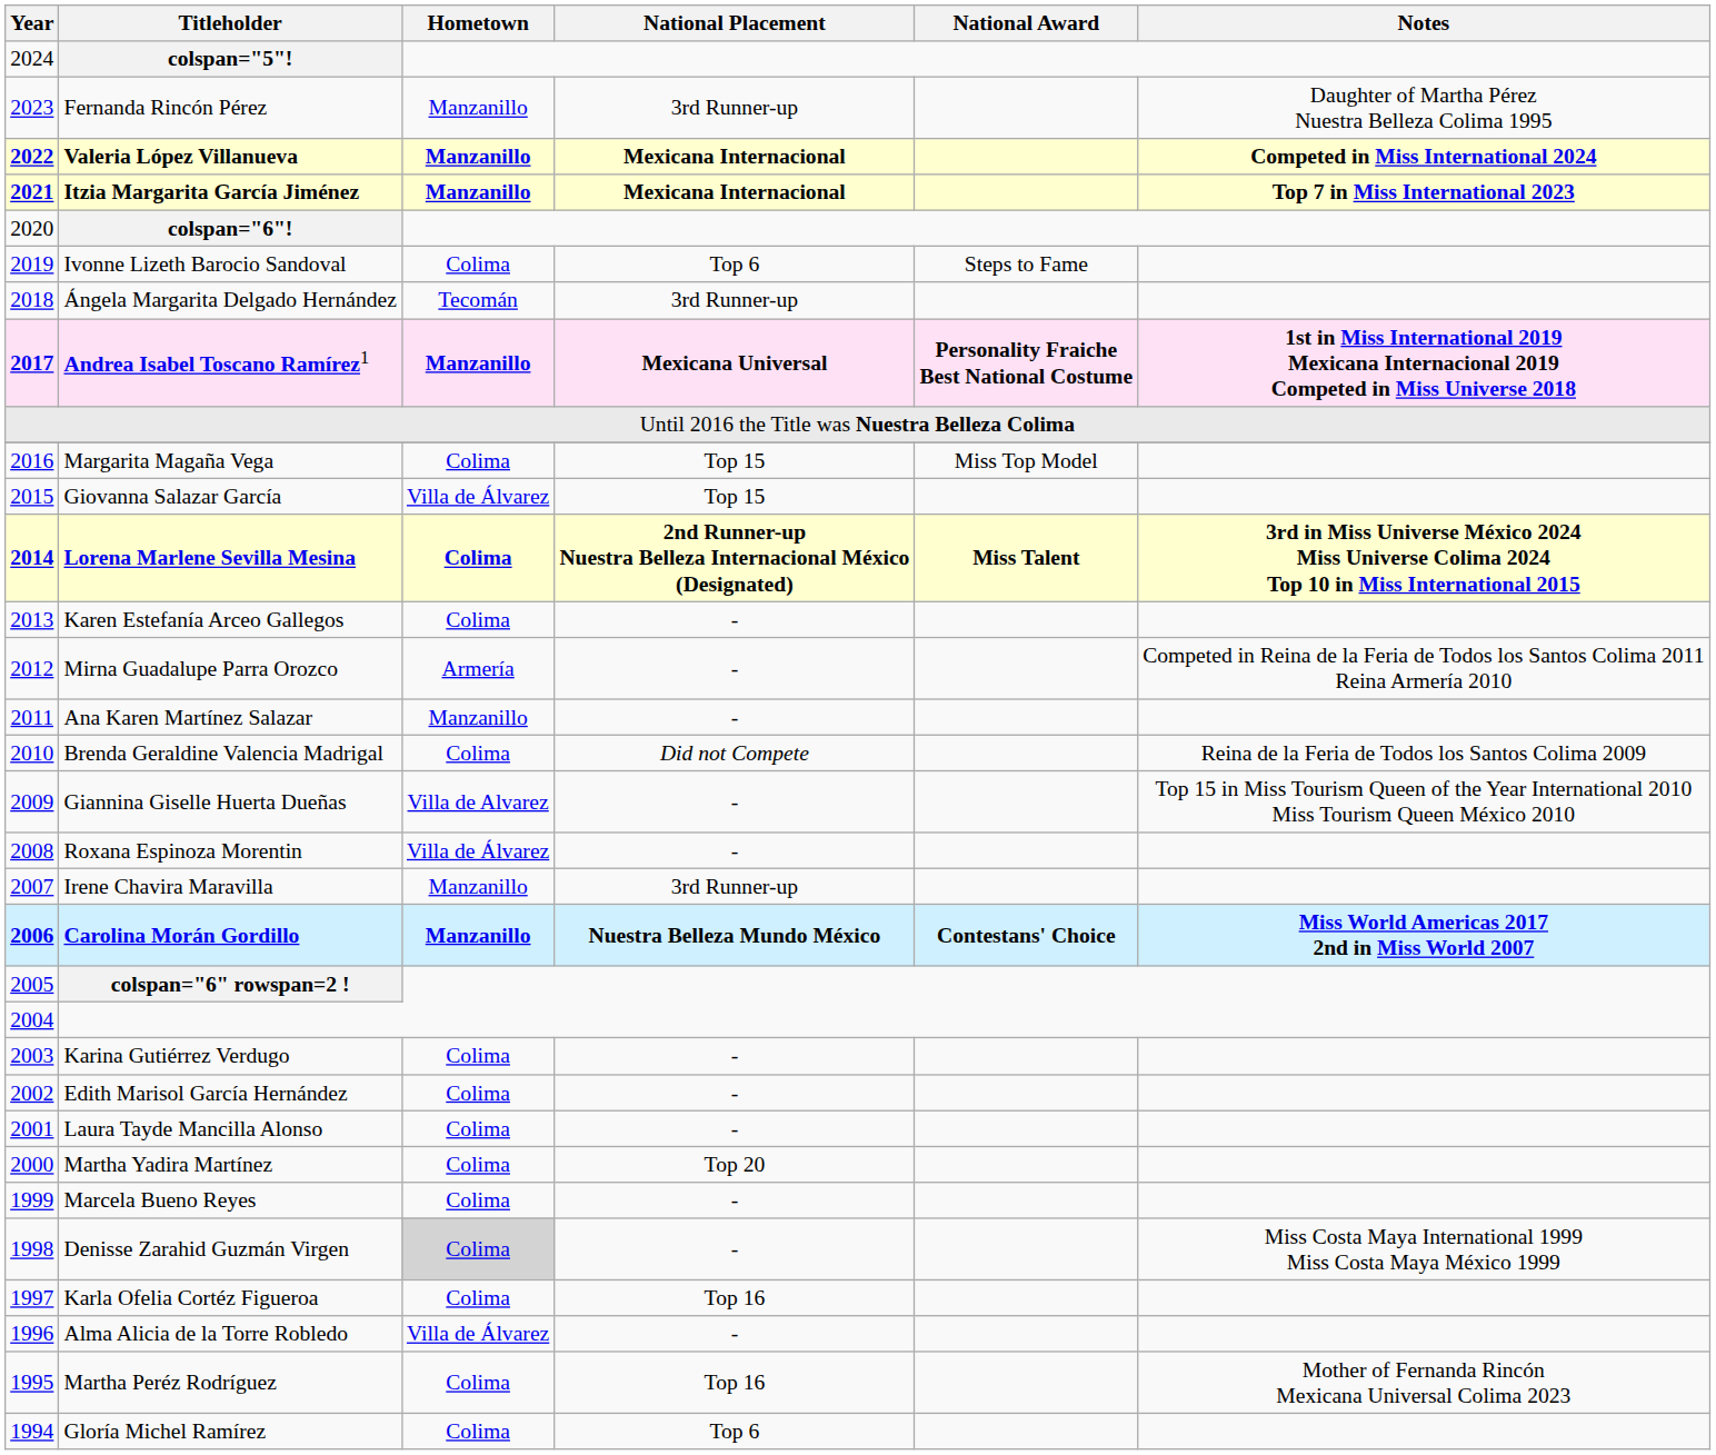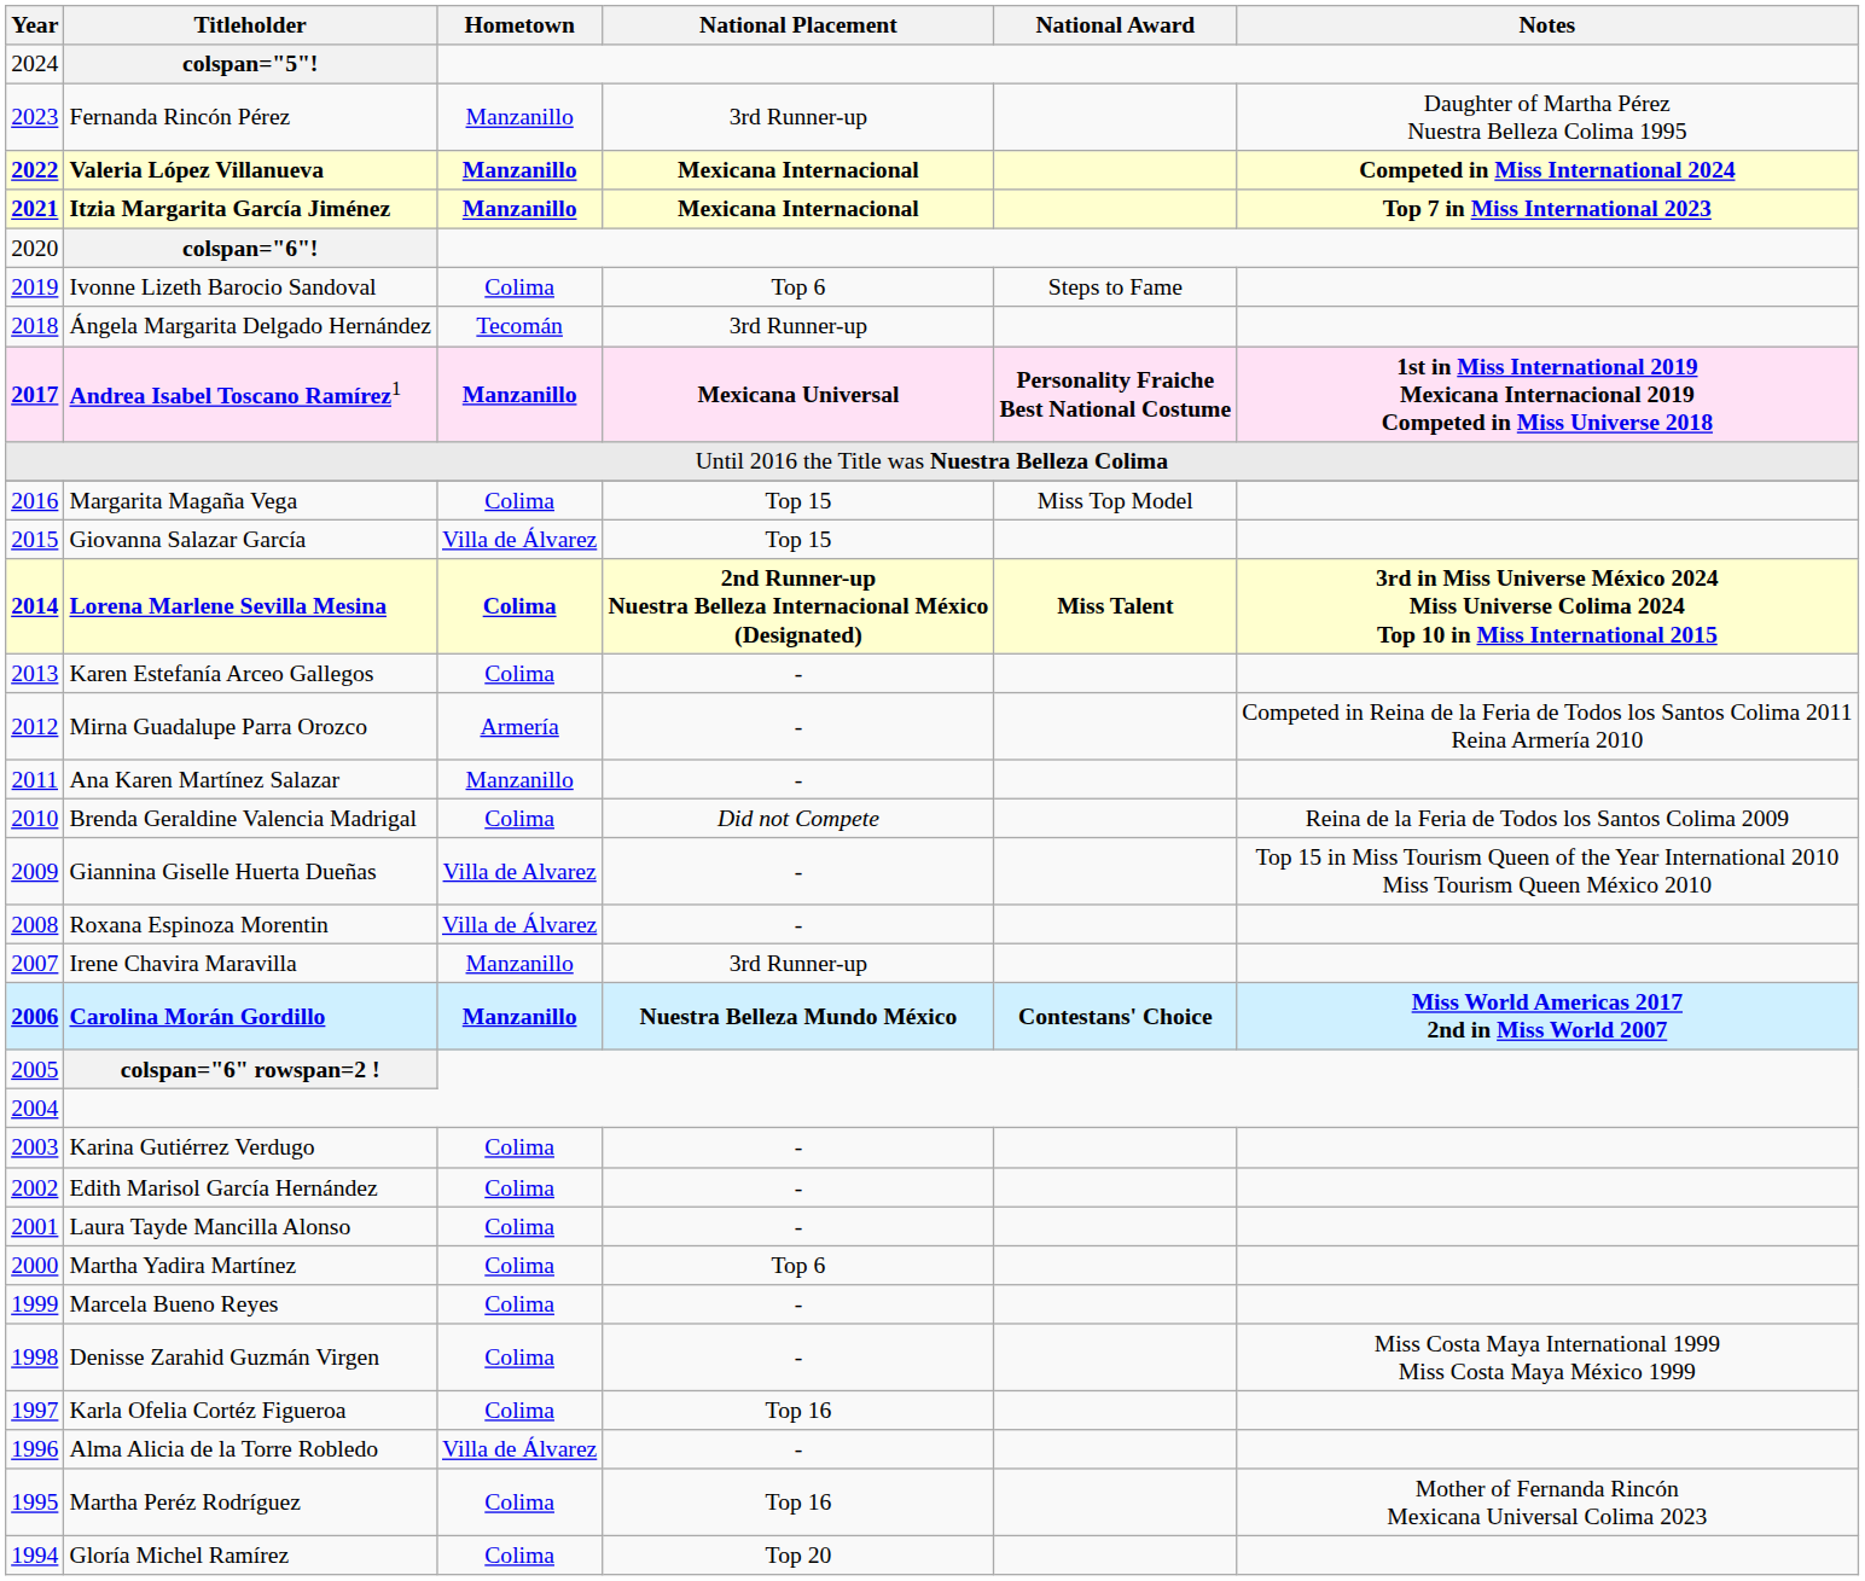 <table class="wikitable sortable" style="font-size:95%;">
 <tr>
 <th>Year</th>
 <th>Titleholder</th>
 <th>Hometown</th>
 <th>National Placement</th>
 <th>National Award</th>
 <th>Notes</th>
 </tr>
 <tr>
 <td align="center">2024</td>
 <th>colspan="5"!</th>
 </tr>
 <tr>
 <td align="center"><a href='#'>2023</a></td>
 <td>Fernanda Rincón Pérez</td>
 <td align="center"><a href='#'>Manzanillo</a></td>
 <td align="center">3rd Runner-up</td>
 <td align="center"></td>
 <td align="center">Daughter of Martha Pérez<br>Nuestra Belleza Colima 1995</td>
 </tr>
 <tr bgcolor="#FFFFCF">
 <td align="center"><strong><a href='#'>2022</a></strong></td>
 <td><strong>Valeria López Villanueva</strong></td>
 <td align="center"><strong> <a href='#'>Manzanillo</a></strong></td>
 <td align="center"><strong>Mexicana Internacional</strong></td>
 <td align="center"></td>
 <td align="center"><strong>Competed in <a href='#'>Miss International 2024</a></strong></td>
 </tr>
 <tr bgcolor="#FFFFCF">
 <td align="center"><strong><a href='#'>2021</a></strong></td>
 <td><strong>Itzia Margarita García Jiménez</strong></td>
 <td align="center"><strong> <a href='#'>Manzanillo</a></strong></td>
 <td align="center"><strong>Mexicana Internacional</strong></td>
 <td align="center"></td>
 <td align="center"><strong>Top 7 in <a href='#'>Miss International 2023</a></strong></td>
 </tr>
 <tr>
 <td align="center">2020</td>
 <th>colspan="6"!</th>
 </tr>
 <tr>
 <td align="center"><a href='#'>2019</a></td>
 <td>Ivonne Lizeth Barocio Sandoval</td>
 <td align="center"><a href='#'>Colima</a></td>
 <td align="center">Top 6</td>
 <td align="center">Steps to Fame</td>
 <td align="center"></td>
 </tr>
 <tr>
 <td align="center"><a href='#'>2018</a></td>
 <td>Ángela Margarita Delgado Hernández</td>
 <td align="center"><a href='#'>Tecomán</a></td>
 <td align="center">3rd Runner-up</td>
 <td align="center"></td>
 <td align="center"></td>
 </tr>
 <tr bgcolor="#FFE1F5">
 <td align="center"><strong><a href='#'>2017</a></strong></td>
 <td><strong><a href='#'>Andrea Isabel Toscano Ramírez</a></strong><sup>1</sup></td>
 <td align="center"><strong><a href='#'>Manzanillo</a></strong></td>
 <td align="center"><strong>Mexicana Universal</strong></td>
 <td align="center"><strong>Personality Fraiche<br>Best National Costume</strong></td>
 <td align="center"><strong>1st in <a href='#'>Miss International 2019</a><br>Mexicana Internacional 2019<br>Competed in <a href='#'>Miss Universe 2018</a></strong></td>
 </tr>
 <tr>
 <td colspan="7" bgcolor="#EAEAEA" style="text-align:center;">Until 2016 the Title was <strong>Nuestra Belleza Colima</strong></td>
 </tr>
 <tr>
 </tr>
 <tr>
 <td align="center"><a href='#'>2016</a></td>
 <td>Margarita Magaña Vega</td>
 <td align="center"><a href='#'>Colima</a></td>
 <td align="center">Top 15</td>
 <td align="center">Miss Top Model</td>
 <td align="center"></td>
 </tr>
 <tr>
 <td align="center"><a href='#'>2015</a></td>
 <td>Giovanna Salazar García</td>
 <td align="center"><a href='#'>Villa de Álvarez</a></td>
 <td align="center">Top 15</td>
 <td align="center"></td>
 <td align="center"></td>
 </tr>
 <tr bgcolor="#FFFFCF">
 <td align="center"><strong><a href='#'>2014</a></strong></td>
 <td><strong><a href='#'>Lorena Marlene Sevilla Mesina</a></strong></td>
 <td align="center"><strong><a href='#'>Colima</a></strong></td>
 <td align="center"><strong>2nd Runner-up<br>Nuestra Belleza Internacional México<br>(Designated)</strong></td>
 <td align="center"><strong>Miss Talent</strong></td>
 <td align="center"><strong>3rd in Miss Universe México 2024<br>Miss Universe Colima 2024<br>Top 10 in <a href='#'>Miss International 2015</a></strong></td>
 </tr>
 <tr>
 <td align="center"><a href='#'>2013</a></td>
 <td>Karen Estefanía Arceo Gallegos</td>
 <td align="center"><a href='#'>Colima</a></td>
 <td align="center">-</td>
 <td align="center"></td>
 <td align="center"></td>
 </tr>
 <tr>
 <td align="center"><a href='#'>2012</a></td>
 <td>Mirna Guadalupe Parra Orozco</td>
 <td align="center"><a href='#'>Armería</a></td>
 <td align="center">-</td>
 <td align="center"></td>
 <td align="center">Competed in Reina de la Feria de Todos los Santos Colima 2011<br>Reina Armería 2010</td>
 </tr>
 <tr>
 <td align="center"><a href='#'>2011</a></td>
 <td>Ana Karen Martínez Salazar</td>
 <td align="center"><a href='#'>Manzanillo</a></td>
 <td align="center">-</td>
 <td align="center"></td>
 <td align="center"></td>
 </tr>
 <tr>
 <td align="center"><a href='#'>2010</a></td>
 <td>Brenda Geraldine Valencia Madrigal</td>
 <td align="center"><a href='#'>Colima</a></td>
 <td align="center"><em>Did not Compete</em></td>
 <td align="center"></td>
 <td align="center">Reina de la Feria de Todos los Santos Colima 2009</td>
 </tr>
 <tr>
 <td align="center"><a href='#'>2009</a></td>
 <td>Giannina Giselle Huerta Dueñas</td>
 <td align="center"><a href='#'>Villa de Alvarez</a></td>
 <td align="center">-</td>
 <td align="center"></td>
 <td align="center">Top 15 in Miss Tourism Queen of the Year International 2010<br>Miss Tourism Queen México 2010</td>
 </tr>
 <tr>
 <td align="center"><a href='#'>2008</a></td>
 <td>Roxana Espinoza Morentin</td>
 <td align="center"><a href='#'>Villa de Álvarez</a></td>
 <td align="center">-</td>
 <td align="center"></td>
 <td align="center"></td>
 </tr>
 <tr>
 <td align="center"><a href='#'>2007</a></td>
 <td>Irene Chavira Maravilla</td>
 <td align="center"><a href='#'>Manzanillo</a></td>
 <td align="center">3rd Runner-up</td>
 <td align="center"></td>
 <td align="center"></td>
 </tr>
 <tr bgcolor="#CFF0FF">
 <td align="center"><strong><a href='#'>2006</a></strong></td>
 <td><strong><a href='#'>Carolina Morán Gordillo</a></strong></td>
 <td align="center"><strong><a href='#'>Manzanillo</a></strong></td>
 <td align="center"><strong>Nuestra Belleza Mundo México</strong></td>
 <td align="center"><strong>Contestans' Choice</strong></td>
 <td align="center"><strong><a href='#'>Miss World Americas 2017</a><br>2nd in <a href='#'>Miss World 2007</a></strong></td>
 </tr>
 <tr>
 <td align="center"><a href='#'>2005</a></td>
 <th>colspan="6" rowspan=2 !</th>
 </tr>
 <tr>
 <td align="center"><a href='#'>2004</a></td>
 </tr>
 <tr>
 <td align="center"><a href='#'>2003</a></td>
 <td>Karina Gutiérrez Verdugo</td>
 <td align="center"><a href='#'>Colima</a></td>
 <td align="center">-</td>
 <td align="center"></td>
 <td align="center"></td>
 </tr>
 <tr>
 <td align="center"><a href='#'>2002</a></td>
 <td>Edith Marisol García Hernández</td>
 <td align="center"><a href='#'>Colima</a></td>
 <td align="center">-</td>
 <td align="center"></td>
 <td align="center"></td>
 </tr>
 <tr>
 <td align="center"><a href='#'>2001</a></td>
 <td>Laura Tayde Mancilla Alonso</td>
 <td align="center"><a href='#'>Colima</a></td>
 <td align="center">-</td>
 <td align="center"></td>
 <td align="center"></td>
 </tr>
 <tr>
 <td align="center"><a href='#'>2000</a></td>
 <td>Martha Yadira Martínez</td>
 <td align="center"><a href='#'>Colima</a></td>
-<td align="center">Top 20</td>
+<td align="center">Top 6</td>
 <td align="center"></td>
 <td align="center"></td>
 </tr>
 <tr>
 <td align="center"><a href='#'>1999</a></td>
 <td>Marcela Bueno Reyes</td>
 <td align="center"><a href='#'>Colima</a></td>
 <td align="center">-</td>
 <td align="center"></td>
 <td align="center"></td>
 </tr>
 <tr>
 <td align="center"><a href='#'>1998</a></td>
 <td>Denisse Zarahid Guzmán Virgen</td>
-<td align="center" style="background: lightgrey;"><a href='#'>Colima</a></td>
+<td align="center"><a href='#'>Colima</a></td>
 <td align="center">-</td>
 <td align="center"></td>
 <td align="center">Miss Costa Maya International 1999<br>Miss Costa Maya México 1999</td>
 </tr>
 <tr>
 <td align="center"><a href='#'>1997</a></td>
 <td>Karla Ofelia Cortéz Figueroa</td>
 <td align="center"><a href='#'>Colima</a></td>
 <td align="center">Top 16</td>
 <td align="center"></td>
 <td align="center"></td>
 </tr>
 <tr>
 <td align="center"><a href='#'>1996</a></td>
 <td>Alma Alicia de la Torre Robledo</td>
 <td align="center"><a href='#'>Villa de Álvarez</a></td>
 <td align="center">-</td>
 <td align="center"></td>
 <td align="center"></td>
 </tr>
 <tr>
 <td align="center"><a href='#'>1995</a></td>
 <td>Martha Peréz Rodríguez</td>
 <td align="center"><a href='#'>Colima</a></td>
 <td align="center">Top 16</td>
 <td align="center"></td>
 <td align="center">Mother of Fernanda Rincón<br>Mexicana Universal Colima 2023</td>
 </tr>
 <tr>
 <td align="center"><a href='#'>1994</a></td>
 <td>Gloría Michel Ramírez</td>
 <td align="center"><a href='#'>Colima</a></td>
-<td align="center">Top 6</td>
+<td align="center">Top 20</td>
 <td align="center"></td>
 <td align="center"></td>
 </tr>
 </table>
